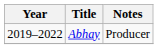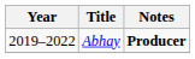 <table class="wikitable sortable">
 <tr>
 <th>Year</th>
 <th>Title</th>
 <th>Notes</th>
 </tr>
 <tr>
 <td>2019–2022</td>
 <td><a href='#'><em>Abhay</em></a></td>
-<td>Producer</td>
+<td><strong>Producer</strong></td>
 </tr>
 <tr>
 </tr>
 </table>
